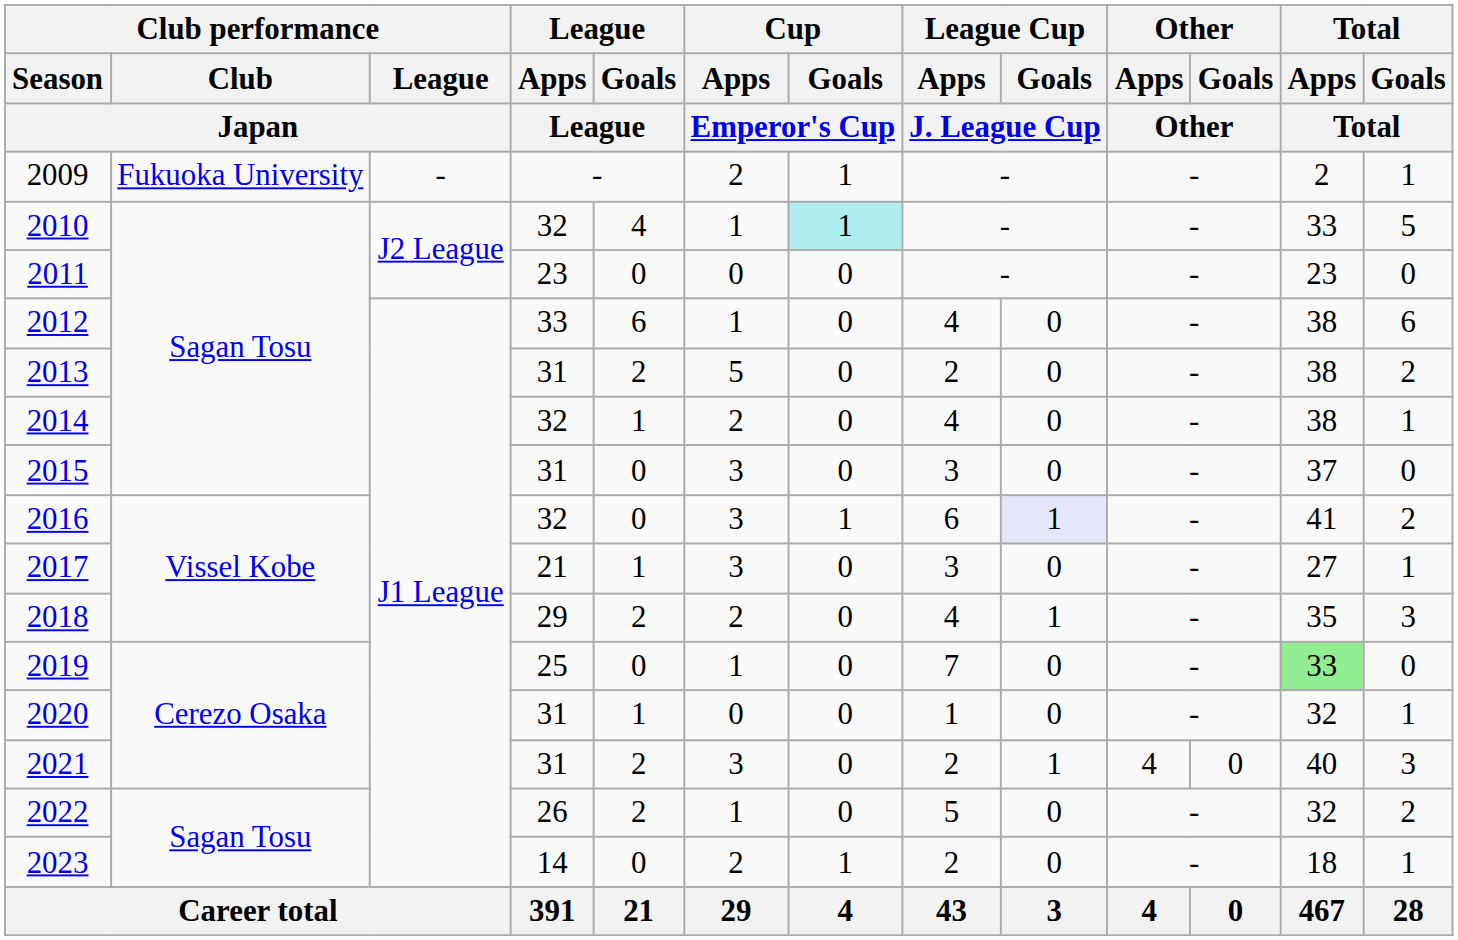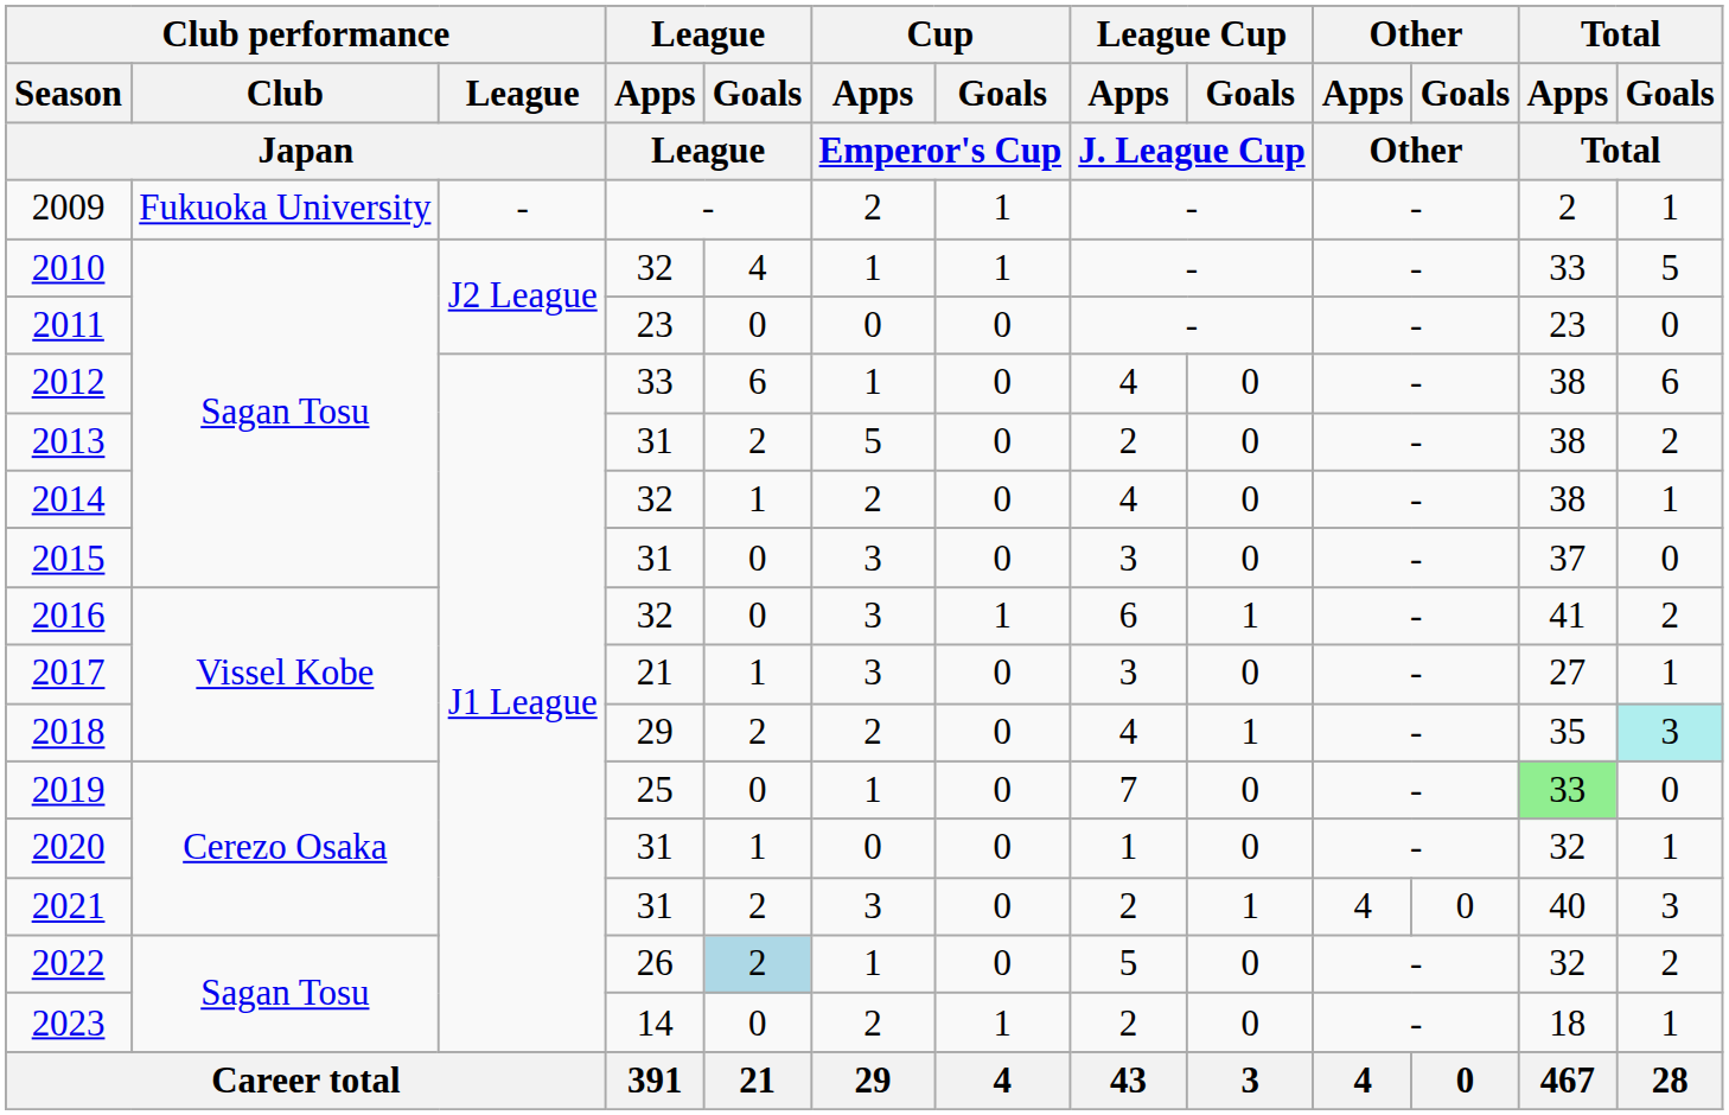 <table class="wikitable" style="text-align:center">
 <tr>
 <th colspan=3>Club performance</th>
 <th colspan=2>League</th>
 <th colspan=2>Cup</th>
 <th colspan=2>League Cup</th>
 <th colspan=2>Other</th>
 <th colspan=2>Total</th>
 </tr>
 <tr>
 <th>Season</th>
 <th>Club</th>
 <th>League</th>
 <th>Apps</th>
 <th>Goals</th>
 <th>Apps</th>
 <th>Goals</th>
 <th>Apps</th>
 <th>Goals</th>
 <th>Apps</th>
 <th>Goals</th>
 <th>Apps</th>
 <th>Goals</th>
 </tr>
 <tr>
 <th colspan=3>Japan</th>
 <th colspan=2>League</th>
 <th colspan=2><a href='#'>Emperor's Cup</a></th>
 <th colspan=2><a href='#'>J. League Cup</a></th>
 <th colspan=2>Other</th>
 <th colspan=2>Total</th>
 </tr>
 <tr>
 <td>2009</td>
 <td><a href='#'>Fukuoka University</a></td>
 <td>-</td>
 <td colspan="2">-</td>
 <td>2</td>
 <td>1</td>
 <td colspan="2">-</td>
 <td colspan="2">-</td>
 <td>2</td>
 <td>1</td>
 </tr>
 <tr>
 <td><a href='#'>2010</a></td>
 <td rowspan="6"><a href='#'>Sagan Tosu</a></td>
 <td rowspan="2"><a href='#'>J2 League</a></td>
 <td>32</td>
 <td>4</td>
 <td>1</td>
-<td style="background: paleturquoise;">1</td>
+<td>1</td>
 <td colspan="2">-</td>
 <td colspan="2">-</td>
 <td>33</td>
 <td>5</td>
 </tr>
 <tr>
 <td><a href='#'>2011</a></td>
 <td>23</td>
 <td>0</td>
 <td>0</td>
 <td>0</td>
 <td colspan="2">-</td>
 <td colspan="2">-</td>
 <td>23</td>
 <td>0</td>
 </tr>
 <tr>
 <td><a href='#'>2012</a></td>
 <td rowspan="12"><a href='#'>J1 League</a></td>
 <td>33</td>
 <td>6</td>
 <td>1</td>
 <td>0</td>
 <td>4</td>
 <td>0</td>
 <td colspan="2">-</td>
 <td>38</td>
 <td>6</td>
 </tr>
 <tr>
 <td><a href='#'>2013</a></td>
 <td>31</td>
 <td>2</td>
 <td>5</td>
 <td>0</td>
 <td>2</td>
 <td>0</td>
 <td colspan="2">-</td>
 <td>38</td>
 <td>2</td>
 </tr>
 <tr>
 <td><a href='#'>2014</a></td>
 <td>32</td>
 <td>1</td>
 <td>2</td>
 <td>0</td>
 <td>4</td>
 <td>0</td>
 <td colspan="2">-</td>
 <td>38</td>
 <td>1</td>
 </tr>
 <tr>
 <td><a href='#'>2015</a></td>
 <td>31</td>
 <td>0</td>
 <td>3</td>
 <td>0</td>
 <td>3</td>
 <td>0</td>
 <td colspan="2">-</td>
 <td>37</td>
 <td>0</td>
 </tr>
 <tr>
 <td><a href='#'>2016</a></td>
 <td rowspan="3"><a href='#'>Vissel Kobe</a></td>
 <td>32</td>
 <td>0</td>
 <td>3</td>
 <td>1</td>
 <td>6</td>
-<td style="background: lavender;">1</td>
+<td>1</td>
 <td colspan="2">-</td>
 <td>41</td>
 <td>2</td>
 </tr>
 <tr>
 <td><a href='#'>2017</a></td>
 <td>21</td>
 <td>1</td>
 <td>3</td>
 <td>0</td>
 <td>3</td>
 <td>0</td>
 <td colspan="2">-</td>
 <td>27</td>
 <td>1</td>
 </tr>
 <tr>
 <td><a href='#'>2018</a></td>
 <td>29</td>
 <td>2</td>
 <td>2</td>
 <td>0</td>
 <td>4</td>
 <td>1</td>
 <td colspan="2">-</td>
 <td>35</td>
-<td>3</td>
+<td style="background: paleturquoise;">3</td>
 </tr>
 <tr>
 <td><a href='#'>2019</a></td>
 <td rowspan="3"><a href='#'>Cerezo Osaka</a></td>
 <td>25</td>
 <td>0</td>
 <td>1</td>
 <td>0</td>
 <td>7</td>
 <td>0</td>
 <td colspan="2">-</td>
 <td style="background: lightgreen;">33</td>
 <td>0</td>
 </tr>
 <tr>
 <td><a href='#'>2020</a></td>
 <td>31</td>
 <td>1</td>
 <td>0</td>
 <td>0</td>
 <td>1</td>
 <td>0</td>
 <td colspan="2">-</td>
 <td>32</td>
 <td>1</td>
 </tr>
 <tr>
 <td><a href='#'>2021</a></td>
 <td>31</td>
 <td>2</td>
 <td>3</td>
 <td>0</td>
 <td>2</td>
 <td>1</td>
 <td>4</td>
 <td>0</td>
 <td>40</td>
 <td>3</td>
 </tr>
 <tr>
 <td><a href='#'>2022</a></td>
 <td rowspan="2"><a href='#'>Sagan Tosu</a></td>
 <td>26</td>
-<td>2</td>
+<td style="background: lightblue;">2</td>
 <td>1</td>
 <td>0</td>
 <td>5</td>
 <td>0</td>
 <td colspan="2">-</td>
 <td>32</td>
 <td>2</td>
 </tr>
 <tr>
 <td><a href='#'>2023</a></td>
 <td>14</td>
 <td>0</td>
 <td>2</td>
 <td>1</td>
 <td>2</td>
 <td>0</td>
 <td colspan="2">-</td>
 <td>18</td>
 <td>1</td>
 </tr>
 <tr>
 <th colspan=3>Career total</th>
 <th>391</th>
 <th>21</th>
 <th>29</th>
 <th>4</th>
 <th>43</th>
 <th>3</th>
 <th>4</th>
 <th>0</th>
 <th>467</th>
 <th>28</th>
 </tr>
 </table>
